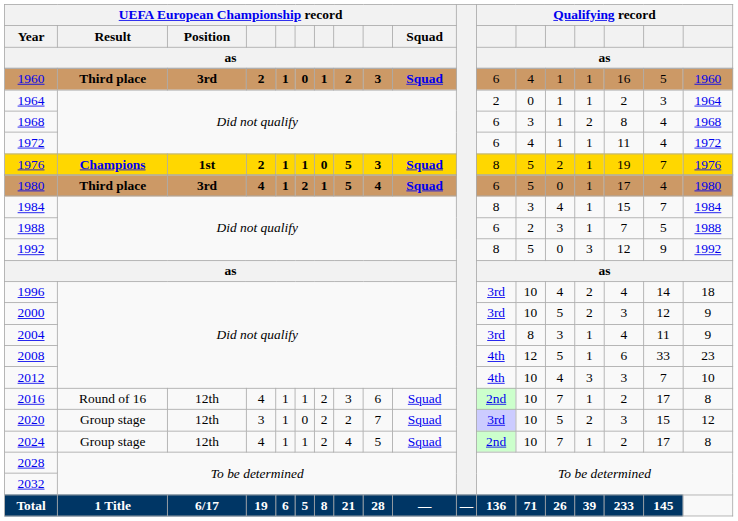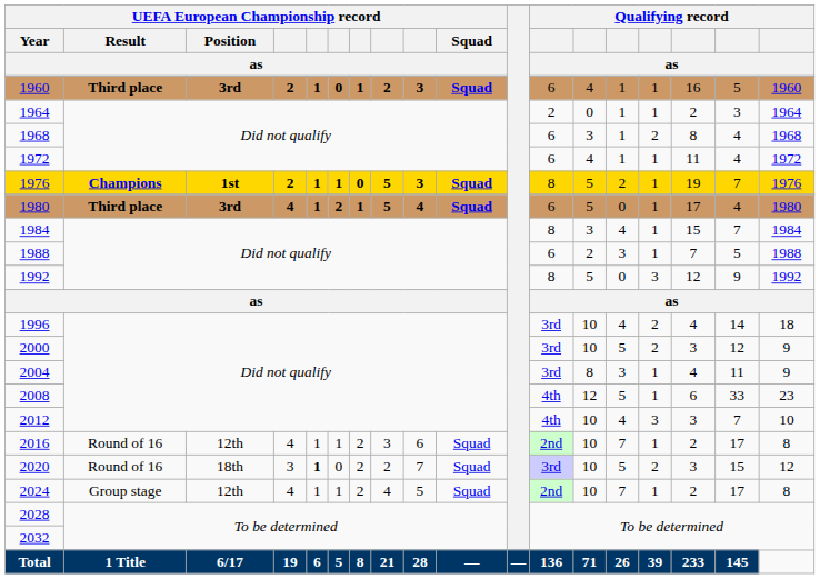 <table class="wikitable" style="text-align: center;">
 <tr>
 <th colspan=10><a href='#'>UEFA European Championship</a> record</th>
 <th rowspan="25" width="1%"></th>
 <th colspan=7><a href='#'>Qualifying</a> record</th>
 </tr>
 <tr>
 <th>Year</th>
 <th>Result</th>
 <th>Position</th>
 <th></th>
 <th></th>
 <th></th>
 <th></th>
 <th></th>
 <th></th>
 <th>Squad</th>
 <th></th>
 <th></th>
 <th></th>
 <th></th>
 <th></th>
 <th></th>
 <th></th>
 </tr>
 <tr>
 <th colspan=10>as </th>
 <th colspan="7">as </th>
 </tr>
 <tr>
 </tr>
 <tr bgcolor=#cc9966>
 <td> <a href='#'>1960</a></td>
 <td><strong>Third place</strong></td>
 <td><strong>3rd</strong></td>
 <td><strong>2</strong></td>
 <td><strong>1</strong></td>
 <td><strong>0</strong></td>
 <td><strong>1</strong></td>
 <td><strong>2</strong></td>
 <td><strong>3</strong></td>
 <td><strong><a href='#'>Squad</a></strong></td>
 <td>6</td>
 <td>4</td>
 <td>1</td>
 <td>1</td>
 <td>16</td>
 <td>5</td>
 <td><a href='#'>1960</a></td>
 </tr>
 <tr>
 <td> <a href='#'>1964</a></td>
 <td colspan=9 rowspan=3><em>Did not qualify</em></td>
 <td>2</td>
 <td>0</td>
 <td>1</td>
 <td>1</td>
 <td>2</td>
 <td>3</td>
 <td><a href='#'>1964</a></td>
 </tr>
 <tr>
 <td> <a href='#'>1968</a></td>
 <td>6</td>
 <td>3</td>
 <td>1</td>
 <td>2</td>
 <td>8</td>
 <td>4</td>
 <td><a href='#'>1968</a></td>
 </tr>
 <tr>
 <td> <a href='#'>1972</a></td>
 <td>6</td>
 <td>4</td>
 <td>1</td>
 <td>1</td>
 <td>11</td>
 <td>4</td>
 <td><a href='#'>1972</a></td>
 </tr>
 <tr bgcolor=Gold>
 <td> <a href='#'>1976</a></td>
 <td><strong><a href='#'>Champions</a></strong></td>
 <td><strong>1st</strong></td>
 <td><strong>2</strong></td>
 <td><strong>1</strong></td>
 <td><strong>1</strong></td>
 <td><strong>0</strong></td>
 <td><strong>5</strong></td>
 <td><strong>3</strong></td>
 <td><strong><a href='#'>Squad</a></strong></td>
 <td>8</td>
 <td>5</td>
 <td>2</td>
 <td>1</td>
 <td>19</td>
 <td>7</td>
 <td><a href='#'>1976</a></td>
 </tr>
 <tr>
 </tr>
 <tr bgcolor=#cc9966>
 <td> <a href='#'>1980</a></td>
 <td><strong>Third place</strong></td>
 <td><strong>3rd</strong></td>
 <td><strong>4</strong></td>
 <td><strong>1</strong></td>
 <td><strong>2</strong></td>
 <td><strong>1</strong></td>
 <td><strong>5</strong></td>
 <td><strong>4</strong></td>
 <td><strong><a href='#'>Squad</a></strong></td>
 <td>6</td>
 <td>5</td>
 <td>0</td>
 <td>1</td>
 <td>17</td>
 <td>4</td>
 <td><a href='#'>1980</a></td>
 </tr>
 <tr>
 <td> <a href='#'>1984</a></td>
 <td colspan=9 rowspan=3><em>Did not qualify</em></td>
 <td>8</td>
 <td>3</td>
 <td>4</td>
 <td>1</td>
 <td>15</td>
 <td>7</td>
 <td><a href='#'>1984</a></td>
 </tr>
 <tr>
 <td> <a href='#'>1988</a></td>
 <td>6</td>
 <td>2</td>
 <td>3</td>
 <td>1</td>
 <td>7</td>
 <td>5</td>
 <td><a href='#'>1988</a></td>
 </tr>
 <tr>
 <td> <a href='#'>1992</a></td>
 <td>8</td>
 <td>5</td>
 <td>0</td>
 <td>3</td>
 <td>12</td>
 <td>9</td>
 <td><a href='#'>1992</a></td>
 </tr>
 <tr>
 <th colspan=10>as </th>
 <th colspan="7">as </th>
 </tr>
 <tr>
 <td> <a href='#'>1996</a></td>
 <td colspan=9 rowspan=5><em>Did not qualify</em></td>
 <td><a href='#'>3rd</a></td>
 <td>10</td>
 <td>4</td>
 <td>2</td>
 <td>4</td>
 <td>14</td>
 <td>18</td>
 </tr>
 <tr>
 <td>  <a href='#'>2000</a></td>
 <td><a href='#'>3rd</a></td>
 <td>10</td>
 <td>5</td>
 <td>2</td>
 <td>3</td>
 <td>12</td>
 <td>9</td>
 </tr>
 <tr>
 <td> <a href='#'>2004</a></td>
 <td><a href='#'>3rd</a></td>
 <td>8</td>
 <td>3</td>
 <td>1</td>
 <td>4</td>
 <td>11</td>
 <td>9</td>
 </tr>
 <tr>
 <td>  <a href='#'>2008</a></td>
 <td><a href='#'>4th</a></td>
 <td>12</td>
 <td>5</td>
 <td>1</td>
 <td>6</td>
 <td>33</td>
 <td>23</td>
 </tr>
 <tr>
 <td>  <a href='#'>2012</a></td>
 <td><a href='#'>4th</a></td>
 <td>10</td>
 <td>4</td>
 <td>3</td>
 <td>3</td>
 <td>7</td>
 <td>10</td>
 </tr>
 <tr>
 <td> <a href='#'>2016</a></td>
 <td>Round of 16</td>
 <td>12th</td>
 <td>4</td>
 <td>1</td>
 <td>1</td>
 <td>2</td>
 <td>3</td>
 <td>6</td>
 <td><a href='#'>Squad</a></td>
 <td bgcolor=ccffcc><a href='#'>2nd</a></td>
 <td>10</td>
 <td>7</td>
 <td>1</td>
 <td>2</td>
 <td>17</td>
 <td>8</td>
 </tr>
 <tr>
 <td> <a href='#'>2020</a></td>
-<td>Group stage</td>
-<td>12th</td>
+<td>Round of 16</td>
+<td>18th</td>
 <td>3</td>
-<td>1</td>
+<td><strong>1</strong></td>
 <td>0</td>
 <td>2</td>
 <td>2</td>
 <td>7</td>
 <td><a href='#'>Squad</a></td>
 <td bgcolor=ccccff><a href='#'>3rd</a></td>
 <td>10</td>
 <td>5</td>
 <td>2</td>
 <td>3</td>
 <td>15</td>
 <td>12</td>
 </tr>
 <tr>
 <td> <a href='#'>2024</a></td>
 <td>Group stage</td>
 <td>12th</td>
 <td>4</td>
 <td>1</td>
 <td>1</td>
 <td>2</td>
 <td>4</td>
 <td>5</td>
 <td><a href='#'>Squad</a></td>
 <td bgcolor=ccffcc><a href='#'>2nd</a></td>
 <td>10</td>
 <td>7</td>
 <td>1</td>
 <td>2</td>
 <td>17</td>
 <td>8</td>
 </tr>
 <tr>
 <td>  <a href='#'>2028</a></td>
 <td colspan=9 rowspan=2><em>To be determined</em></td>
 <td colspan=7 rowspan=2><em>To be determined</em></td>
 </tr>
 <tr>
 <td>  <a href='#'>2032</a></td>
 </tr>
 <tr>
 <th style="background:#003665; color:white; ">Total</th>
 <th style="background:#003665; color:white; ">1 Title</th>
 <th style="background:#003665; color:white; ">6/17</th>
 <th style="background:#003665; color:white; ">19</th>
 <th style="background:#003665; color:white; ">6</th>
 <th style="background:#003665; color:white; ">5</th>
 <th style="background:#003665; color:white; ">8</th>
 <th style="background:#003665; color:white; ">21</th>
 <th style="background:#003665; color:white; ">28</th>
 <th style="background:#003665; color:white; ">—</th>
 <th style="background:#003665; color:white; ">—</th>
 <th style="background:#003665; color:white; ">136</th>
 <th style="background:#003665; color:white; ">71</th>
 <th style="background:#003665; color:white; ">26</th>
 <th style="background:#003665; color:white; ">39</th>
 <th style="background:#003665; color:white; ">233</th>
 <th style="background:#003665; color:white; ">145</th>
 </tr>
 </table>
